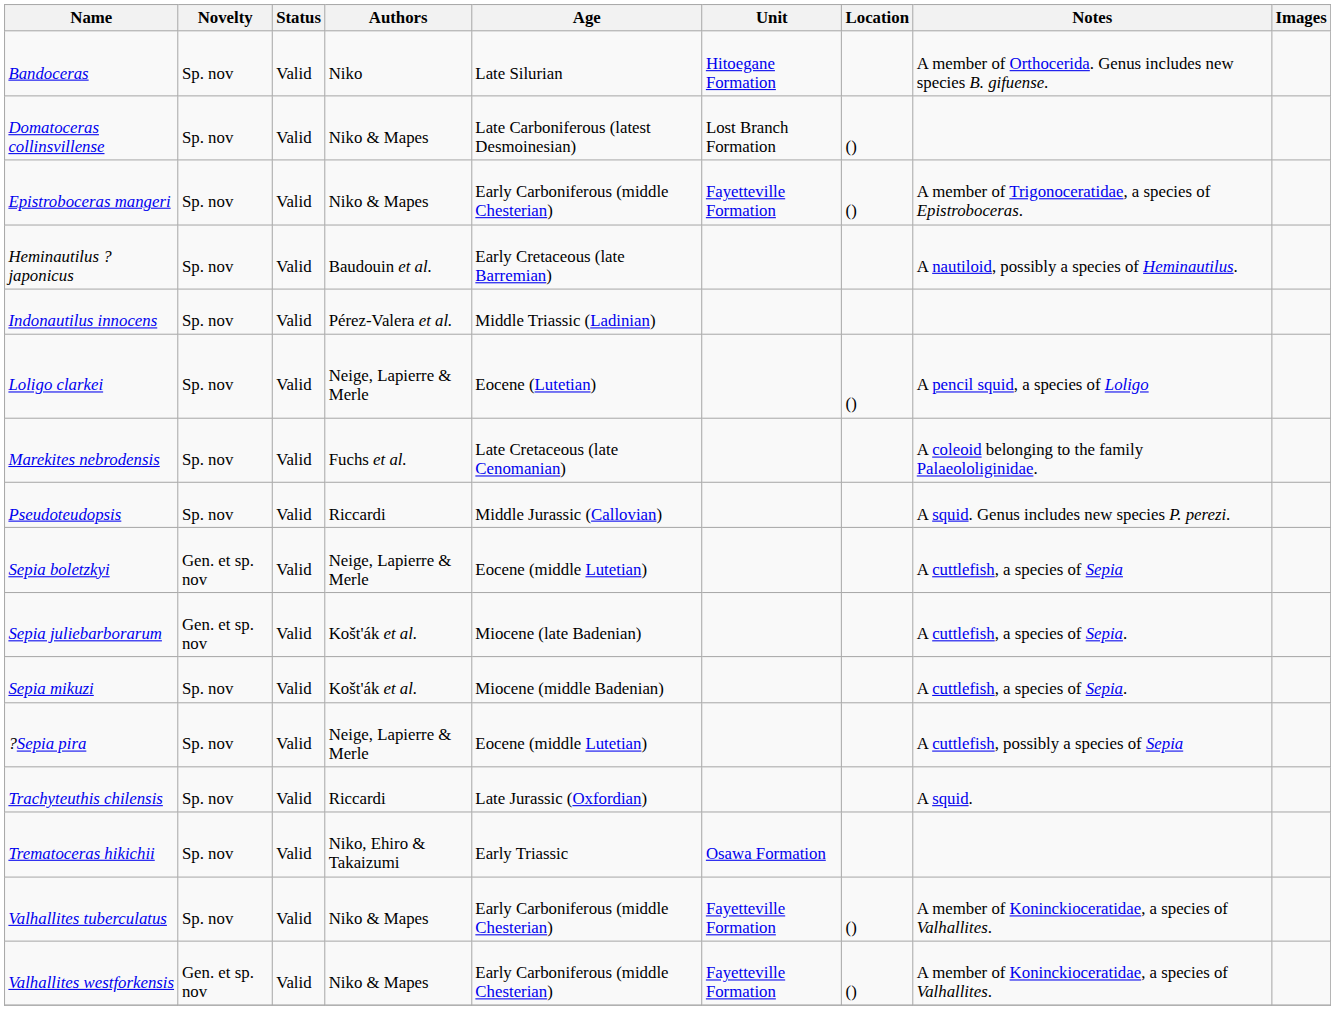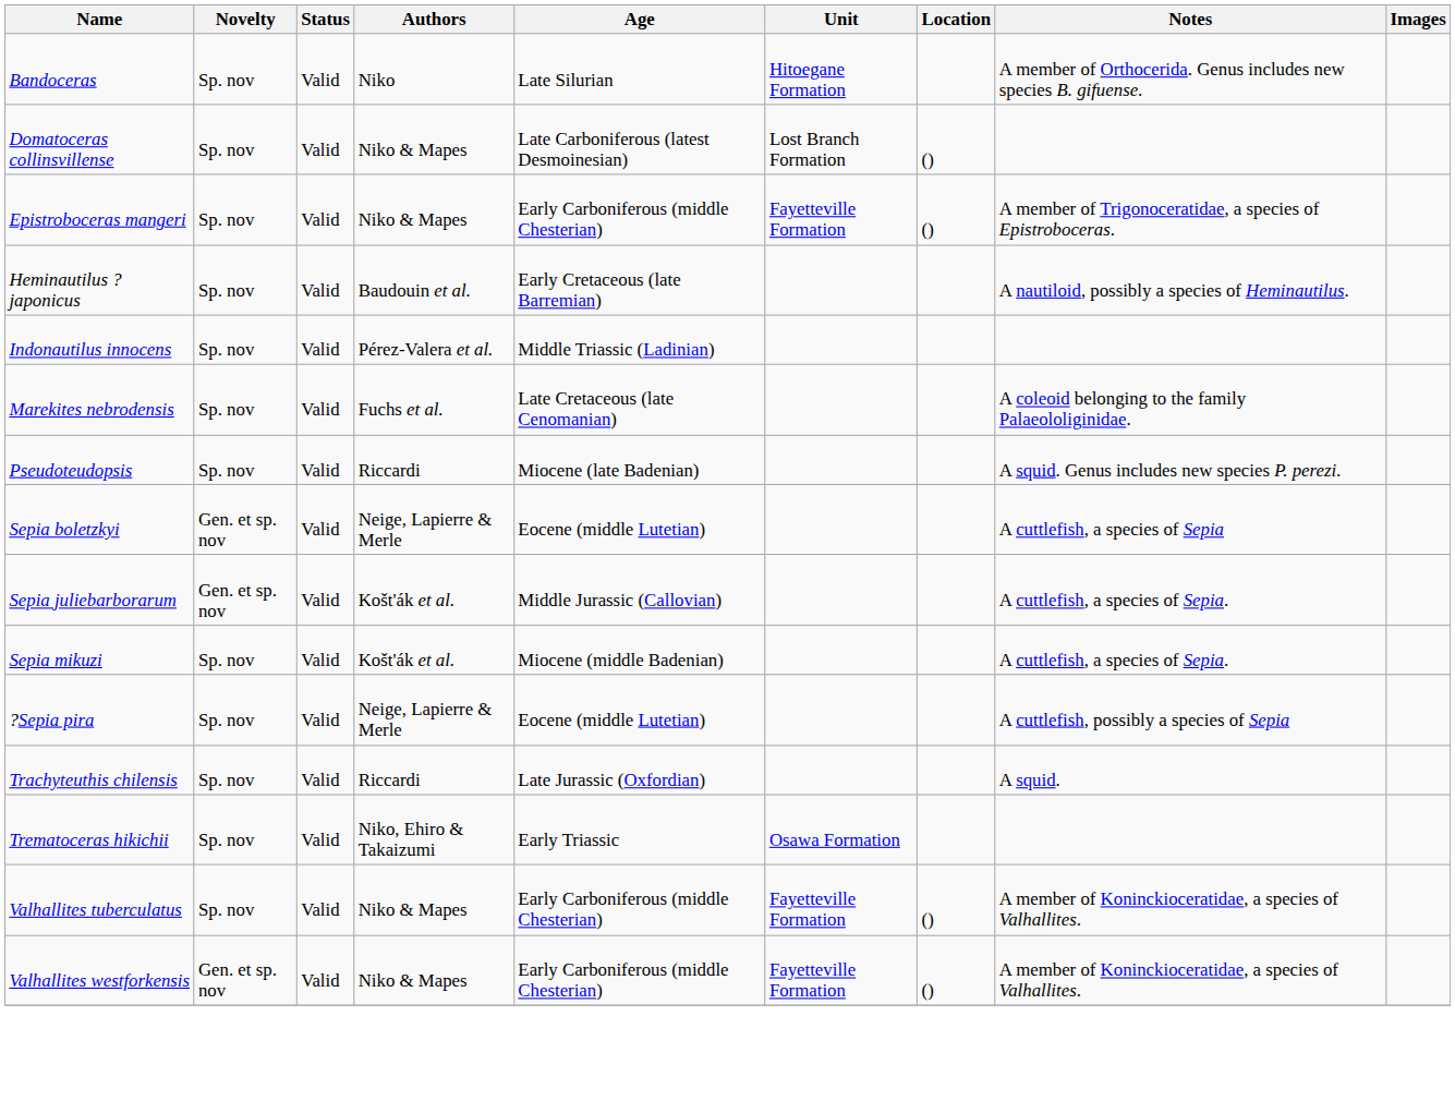 <table class="wikitable sortable" align="center" width="100%">
 <tr>
 <th>Name</th>
 <th>Novelty</th>
 <th>Status</th>
 <th>Authors</th>
 <th>Age</th>
 <th>Unit</th>
 <th>Location</th>
 <th>Notes</th>
 <th>Images</th>
 </tr>
 <tr>
 <td><br><em><a href='#'>Bandoceras</a></em></td>
 <td><br>Sp. nov</td>
 <td><br>Valid</td>
 <td><br>Niko</td>
 <td><br>Late Silurian</td>
 <td><br><a href='#'>Hitoegane Formation</a></td>
 <td><br></td>
 <td><br>A member of <a href='#'>Orthocerida</a>. Genus includes new species <em>B. gifuense</em>.</td>
 <td></td>
 </tr>
 <tr>
 <td><br><em><a href='#'>Domatoceras collinsvillense</a></em></td>
 <td><br>Sp. nov</td>
 <td><br>Valid</td>
 <td><br>Niko & Mapes</td>
 <td><br>Late Carboniferous (latest Desmoinesian)</td>
 <td><br>Lost Branch Formation</td>
 <td><br><br>()</td>
 <td></td>
 <td></td>
 </tr>
 <tr>
 <td><br><em><a href='#'>Epistroboceras mangeri</a></em></td>
 <td><br>Sp. nov</td>
 <td><br>Valid</td>
 <td><br>Niko & Mapes</td>
 <td><br>Early Carboniferous (middle <a href='#'>Chesterian</a>)</td>
 <td><br><a href='#'>Fayetteville Formation</a></td>
 <td><br><br>()</td>
 <td><br>A member of <a href='#'>Trigonoceratidae</a>, a species of <em>Epistroboceras</em>.</td>
 <td></td>
 </tr>
 <tr>
 <td><br><em>Heminautilus ? japonicus</em></td>
 <td><br>Sp. nov</td>
 <td><br>Valid</td>
 <td><br>Baudouin <em>et al.</em></td>
 <td><br>Early Cretaceous (late <a href='#'>Barremian</a>)</td>
 <td></td>
 <td><br></td>
 <td><br>A <a href='#'>nautiloid</a>, possibly a species of <em><a href='#'>Heminautilus</a></em>.</td>
 <td></td>
 </tr>
 <tr>
 <td><br><em><a href='#'>Indonautilus innocens</a></em></td>
 <td><br>Sp. nov</td>
 <td><br>Valid</td>
 <td><br>Pérez-Valera <em>et al.</em></td>
 <td><br>Middle Triassic (<a href='#'>Ladinian</a>)</td>
 <td></td>
 <td><br></td>
 <td></td>
 <td></td>
 </tr>
 <tr>
-<td><br><em><a href='#'>Loligo clarkei</a></em></td>
-<td><br>Sp. nov</td>
-<td><br>Valid</td>
-<td><br>Neige, Lapierre & Merle</td>
-<td><br>Eocene (<a href='#'>Lutetian</a>)</td>
-<td></td>
-<td><br><br> <br>()</td>
-<td><br>A <a href='#'>pencil squid</a>, a species of <em><a href='#'>Loligo</a></em></td>
-<td></td>
-</tr>
-<tr>
 <td><br><em><a href='#'>Marekites nebrodensis</a></em></td>
 <td><br>Sp. nov</td>
 <td><br>Valid</td>
 <td><br>Fuchs <em>et al.</em></td>
 <td><br>Late Cretaceous (late <a href='#'>Cenomanian</a>)</td>
 <td></td>
 <td><br></td>
 <td><br>A <a href='#'>coleoid</a> belonging to the family <a href='#'>Palaeololiginidae</a>.</td>
 <td></td>
 </tr>
 <tr>
 <td><br><em><a href='#'>Pseudoteudopsis</a></em></td>
 <td><br>Sp. nov</td>
 <td><br>Valid</td>
 <td><br>Riccardi</td>
-<td><br>Middle Jurassic (<a href='#'>Callovian</a>)</td>
+<td><br>Miocene (late Badenian)</td>
 <td></td>
 <td><br></td>
 <td><br>A <a href='#'>squid</a>. Genus includes new species <em>P. perezi</em>.</td>
 <td></td>
 </tr>
 <tr>
 <td><br><em><a href='#'>Sepia boletzkyi</a></em></td>
 <td><br>Gen. et sp. nov</td>
 <td><br>Valid</td>
 <td><br>Neige, Lapierre & Merle</td>
 <td><br>Eocene (middle <a href='#'>Lutetian</a>)</td>
 <td></td>
 <td><br></td>
 <td><br>A <a href='#'>cuttlefish</a>, a species of <em><a href='#'>Sepia</a></em></td>
 <td></td>
 </tr>
 <tr>
 <td><br><em><a href='#'>Sepia juliebarborarum</a></em></td>
 <td><br>Gen. et sp. nov</td>
 <td><br>Valid</td>
 <td><br>Košt'ák <em>et al.</em></td>
-<td><br>Miocene (late Badenian)</td>
+<td><br>Middle Jurassic (<a href='#'>Callovian</a>)</td>
 <td></td>
 <td><br></td>
 <td><br>A <a href='#'>cuttlefish</a>, a species of <em><a href='#'>Sepia</a></em>.</td>
 <td></td>
 </tr>
 <tr>
 <td><br><em><a href='#'>Sepia mikuzi</a></em></td>
 <td><br>Sp. nov</td>
 <td><br>Valid</td>
 <td><br>Košt'ák <em>et al.</em></td>
 <td><br>Miocene (middle Badenian)</td>
 <td></td>
 <td><br></td>
 <td><br>A <a href='#'>cuttlefish</a>, a species of <em><a href='#'>Sepia</a></em>.</td>
 <td></td>
 </tr>
 <tr>
 <td><br><em>?<a href='#'>Sepia pira</a></em></td>
 <td><br>Sp. nov</td>
 <td><br>Valid</td>
 <td><br>Neige, Lapierre & Merle</td>
 <td><br>Eocene (middle <a href='#'>Lutetian</a>)</td>
 <td></td>
 <td><br></td>
 <td><br>A <a href='#'>cuttlefish</a>, possibly a species of <em><a href='#'>Sepia</a></em></td>
 <td></td>
 </tr>
 <tr>
 <td><br><em><a href='#'>Trachyteuthis chilensis</a></em></td>
 <td><br>Sp. nov</td>
 <td><br>Valid</td>
 <td><br>Riccardi</td>
 <td><br>Late Jurassic (<a href='#'>Oxfordian</a>)</td>
 <td></td>
 <td><br></td>
 <td><br>A <a href='#'>squid</a>.</td>
 <td></td>
 </tr>
 <tr>
 <td><br><em><a href='#'>Trematoceras hikichii</a></em></td>
 <td><br>Sp. nov</td>
 <td><br>Valid</td>
 <td><br>Niko, Ehiro & Takaizumi</td>
 <td><br>Early Triassic</td>
 <td><br><a href='#'>Osawa Formation</a></td>
 <td><br></td>
 <td></td>
 <td></td>
 </tr>
 <tr>
 <td><br><em><a href='#'>Valhallites tuberculatus</a></em></td>
 <td><br>Sp. nov</td>
 <td><br>Valid</td>
 <td><br>Niko & Mapes</td>
 <td><br>Early Carboniferous (middle <a href='#'>Chesterian</a>)</td>
 <td><br><a href='#'>Fayetteville Formation</a></td>
 <td><br><br>()</td>
 <td><br>A member of <a href='#'>Koninckioceratidae</a>, a species of <em>Valhallites</em>.</td>
 <td></td>
 </tr>
 <tr>
 <td><br><em><a href='#'>Valhallites westforkensis</a></em></td>
 <td><br>Gen. et sp. nov</td>
 <td><br>Valid</td>
 <td><br>Niko & Mapes</td>
 <td><br>Early Carboniferous (middle <a href='#'>Chesterian</a>)</td>
 <td><br><a href='#'>Fayetteville Formation</a></td>
 <td><br><br>()</td>
 <td><br>A member of <a href='#'>Koninckioceratidae</a>, a species of <em>Valhallites</em>.</td>
 <td></td>
 </tr>
 <tr>
 </tr>
 </table>
